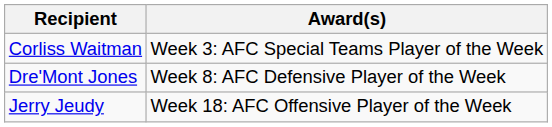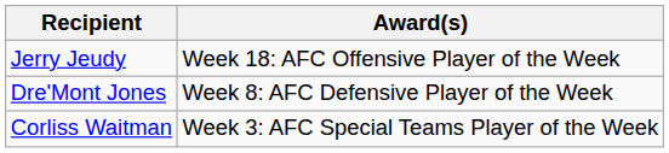 <table class="wikitable">
 <tr>
 <th>Recipient</th>
 <th>Award(s)</th>
 </tr>
 <tr>
-<td><a href='#'>Corliss Waitman</a></td>
-<td>Week 3: AFC Special Teams Player of the Week</td>
+<td><a href='#'>Jerry Jeudy</a></td>
+<td>Week 18: AFC Offensive Player of the Week</td>
 </tr>
 <tr>
 <td><a href='#'>Dre'Mont Jones</a></td>
 <td>Week 8: AFC Defensive Player of the Week</td>
 </tr>
 <tr>
-<td><a href='#'>Jerry Jeudy</a></td>
-<td>Week 18: AFC Offensive Player of the Week</td>
+<td><a href='#'>Corliss Waitman</a></td>
+<td>Week 3: AFC Special Teams Player of the Week</td>
 </tr>
 </table>
